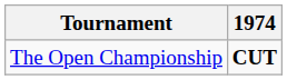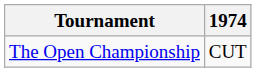 <table class="wikitable" style="font-size:95%;text-align:center;">
 <tr>
 <th>Tournament</th>
 <th>1974</th>
 </tr>
 <tr>
 <td align="left"><a href='#'>The Open Championship</a></td>
-<td><strong>CUT</strong></td>
+<td>CUT</td>
 </tr>
 </table>
